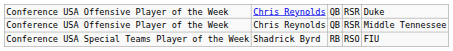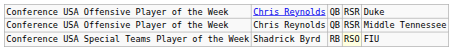 <table class="wikitable">
 <tr>
 <td>Conference USA Offensive Player of the Week</td>
 <td><a href='#'>Chris Reynolds</a></td>
 <td>QB</td>
 <td>RSR</td>
 <td>Duke</td>
 </tr>
 <tr>
 <td>Conference USA Offensive Player of the Week</td>
 <td>Chris Reynolds</td>
 <td>QB</td>
 <td>RSR</td>
 <td>Middle Tennessee</td>
 </tr>
 <tr>
 <td>Conference USA Special Teams Player of the Week</td>
 <td>Shadrick Byrd</td>
 <td>RB</td>
-<td>RSO</td>
+<td style="background: lightyellow;">RSO</td>
 <td>FIU</td>
 </tr>
 </table>
